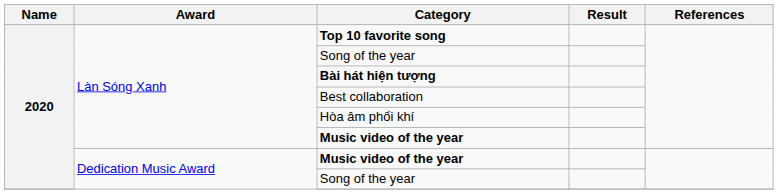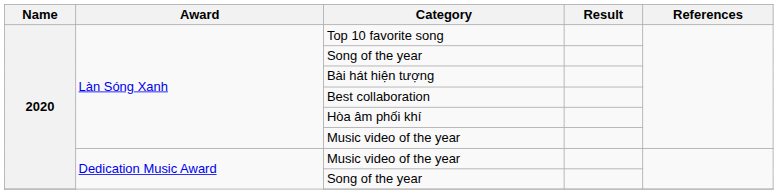 <table class="wikitable sortable plainrowheaders" style="width: 60%;">
 <tr>
 <th scope="col">Name</th>
 <th scope="col">Award</th>
 <th scope="col">Category</th>
 <th scope="col">Result</th>
 <th class="unsortable" scope="col">References</th>
 </tr>
 <tr>
 <th rowspan="8" scope="row">2020</th>
 <td rowspan="6"><a href='#'>Làn Sóng Xanh</a></td>
-<td><strong>Top 10 favorite song</strong></td>
+<td>Top 10 favorite song</td>
 <td></td>
 <td rowspan="6" style="text-align:center;"></td>
 </tr>
 <tr>
 <td>Song of the year</td>
 <td></td>
 </tr>
 <tr>
-<td><strong>Bài hát hiện tượng</strong></td>
+<td>Bài hát hiện tượng</td>
 <td></td>
 </tr>
 <tr>
 <td>Best collaboration</td>
 <td></td>
 </tr>
 <tr>
 <td>Hòa âm phối khí</td>
 <td></td>
 </tr>
 <tr>
-<td><strong>Music video of the year</strong></td>
+<td>Music video of the year</td>
 <td></td>
 </tr>
 <tr>
 <td rowspan="5"><a href='#'>Dedication Music Award</a></td>
-<td><strong>Music video of the year</strong></td>
+<td>Music video of the year</td>
 <td></td>
 <td rowspan="2" style="text-align:center;"></td>
 </tr>
 <tr>
 <td>Song of the year</td>
 <td></td>
 </tr>
 <tr>
 </tr>
 </table>
